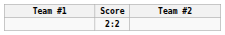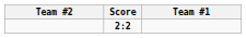 <table class="wikitable" style="text-align:center;">
 <tr>
+<th width=140>Team #2</th>
+<th width=50>Score</th>
 <th width=140>Team #1</th>
-<th width=50>Score</th>
-<th width=140>Team #2</th>
 </tr>
 <tr>
+<td style="text-align:left;"></td>
+<td><strong>2:2</strong></td>
 <td style="text-align:right;"></td>
-<td><strong>2:2</strong></td>
-<td style="text-align:left;"></td>
 </tr>
 </table>
